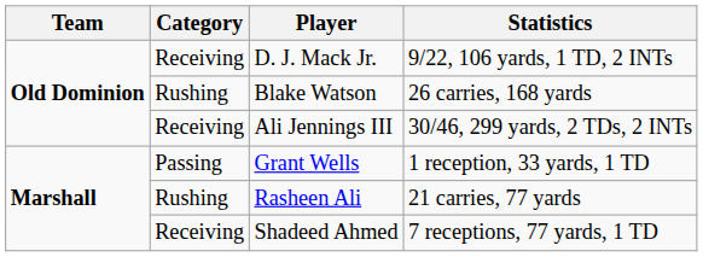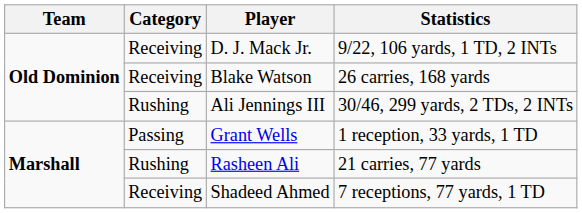 <table class="wikitable" style="float: left;">
 <tr>
 <th>Team</th>
 <th>Category</th>
 <th>Player</th>
 <th>Statistics</th>
 </tr>
 <tr>
 <td rowspan=3><strong>Old Dominion</strong></td>
 <td>Receiving</td>
 <td>D. J. Mack Jr.</td>
 <td>9/22, 106 yards, 1 TD, 2 INTs</td>
 </tr>
 <tr>
-<td>Rushing</td>
+<td>Receiving</td>
 <td>Blake Watson</td>
 <td>26 carries, 168 yards</td>
 </tr>
 <tr>
-<td>Receiving</td>
+<td>Rushing</td>
 <td>Ali Jennings III</td>
 <td>30/46, 299 yards, 2 TDs, 2 INTs</td>
 </tr>
 <tr>
 <td rowspan=3><strong>Marshall</strong></td>
 <td>Passing</td>
 <td><a href='#'>Grant Wells</a></td>
 <td>1 reception, 33 yards, 1 TD</td>
 </tr>
 <tr>
 <td>Rushing</td>
 <td><a href='#'>Rasheen Ali</a></td>
 <td>21 carries, 77 yards</td>
 </tr>
 <tr>
 <td>Receiving</td>
 <td>Shadeed Ahmed</td>
 <td>7 receptions, 77 yards, 1 TD</td>
 </tr>
 </table>
